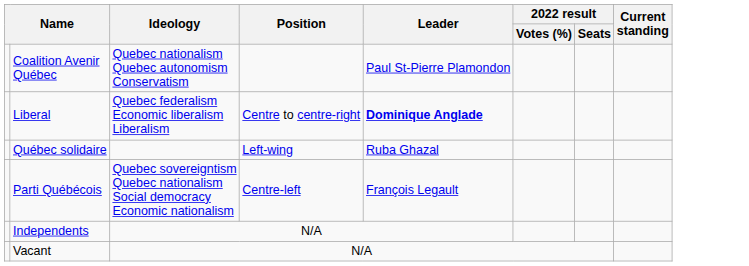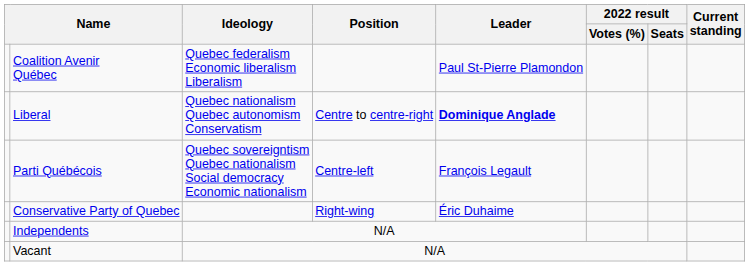 <table class="wikitable">
 <tr>
 <th colspan="2" rowspan="2">Name</th>
 <th rowspan="2">Ideology</th>
 <th rowspan="2">Position</th>
 <th rowspan="2">Leader</th>
 <th colspan="2">2022 result</th>
 <th rowspan="2">Current<br>standing</th>
 </tr>
 <tr>
 <th>Votes (%)</th>
 <th>Seats</th>
 </tr>
 <tr>
 <td style="background:"></td>
 <td><a href='#'>Coalition Avenir<br>Québec</a></td>
-<td><a href='#'>Quebec nationalism</a><br><a href='#'>Quebec autonomism</a><br><a href='#'>Conservatism</a></td>
+<td><a href='#'>Quebec federalism</a><br><a href='#'>Economic liberalism</a><br><a href='#'>Liberalism</a></td>
 <td></td>
 <td><a href='#'>Paul St-Pierre Plamondon</a></td>
 <td></td>
 <td></td>
 <td></td>
 </tr>
 <tr>
 <td style="background:"></td>
 <td><a href='#'>Liberal</a></td>
-<td><a href='#'>Quebec federalism</a><br><a href='#'>Economic liberalism</a><br><a href='#'>Liberalism</a></td>
+<td><a href='#'>Quebec nationalism</a><br><a href='#'>Quebec autonomism</a><br><a href='#'>Conservatism</a></td>
 <td><a href='#'>Centre</a> to <a href='#'>centre-right</a></td>
 <td><strong><a href='#'>Dominique Anglade</a></strong></td>
-<td></td>
-<td></td>
-<td></td>
-</tr>
-<tr>
-<td style="background:"></td>
-<td><a href='#'>Québec solidaire</a></td>
-<td></td>
-<td><a href='#'>Left-wing</a></td>
-<td><a href='#'>Ruba Ghazal</a></td>
 <td></td>
 <td></td>
 <td></td>
 </tr>
 <tr>
 <td style="background:"></td>
 <td><a href='#'>Parti Québécois</a></td>
 <td><a href='#'>Quebec sovereigntism</a><br><a href='#'>Quebec nationalism</a><br><a href='#'>Social democracy</a><br><a href='#'>Economic nationalism</a></td>
 <td><a href='#'>Centre-left</a></td>
 <td><a href='#'>François Legault</a></td>
+<td></td>
+<td></td>
+<td></td>
+</tr>
+<tr>
+<td style="background:"></td>
+<td><a href='#'>Conservative Party of Quebec</a></td>
+<td></td>
+<td><a href='#'>Right-wing</a></td>
+<td><a href='#'>Éric Duhaime</a></td>
 <td></td>
 <td></td>
 <td></td>
 </tr>
 <tr>
 <td style="background:"></td>
 <td><a href='#'>Independents</a></td>
 <td colspan="3" style="text-align:center;">N/A</td>
 <td></td>
 <td></td>
 <td></td>
 </tr>
 <tr>
 <td style="background:"></td>
 <td>Vacant</td>
 <td colspan="5" style="text-align:center;">N/A</td>
 <td></td>
 </tr>
 </table>
